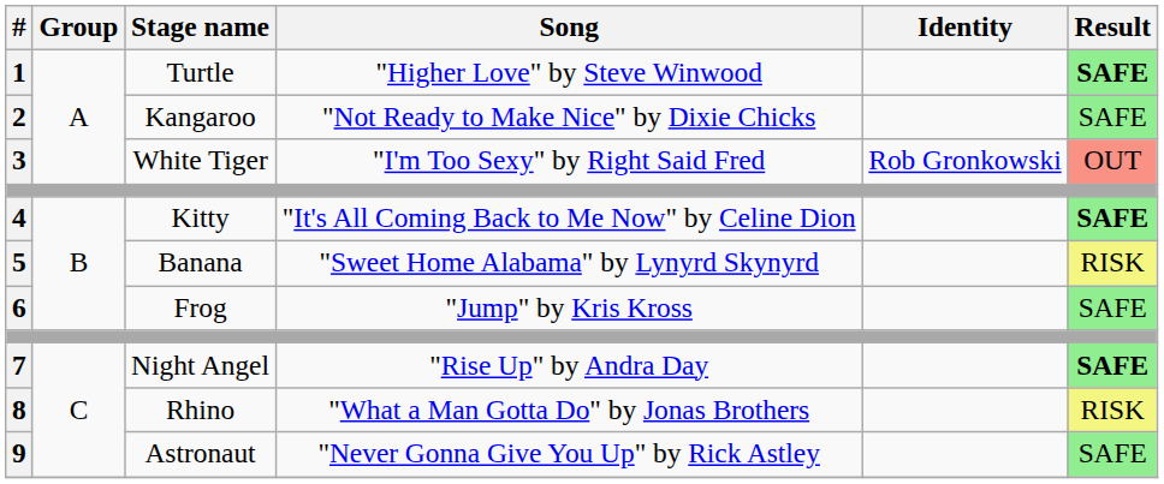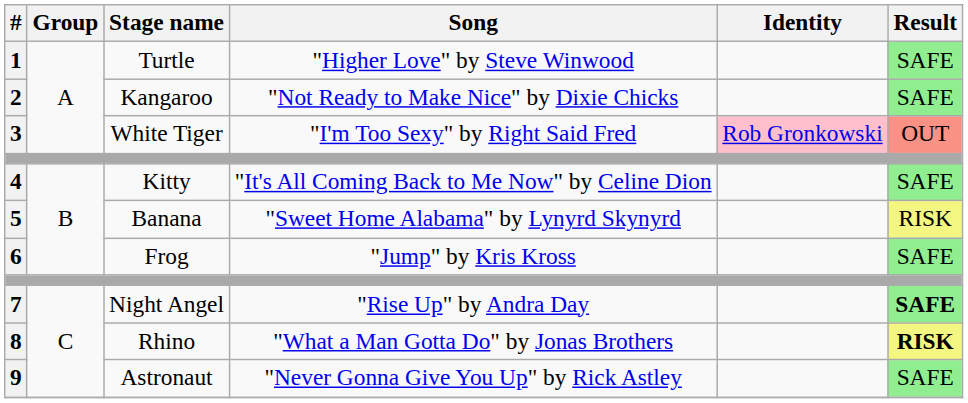 <table class="wikitable plainrowheaders" style="text-align: center;">
 <tr>
 <th>#</th>
 <th>Group</th>
 <th>Stage name</th>
 <th>Song</th>
 <th>Identity</th>
 <th colspan=2>Result</th>
 </tr>
 <tr>
 <th>1</th>
 <td rowspan="3">A</td>
 <td>Turtle</td>
 <td>"<a href='#'>Higher Love</a>" by <a href='#'>Steve Winwood</a></td>
 <td></td>
-<td bgcolor="lightgreen"><strong>SAFE</strong></td>
+<td bgcolor="lightgreen">SAFE</td>
 </tr>
 <tr>
 <th>2</th>
 <td>Kangaroo</td>
 <td>"<a href='#'>Not Ready to Make Nice</a>" by <a href='#'>Dixie Chicks</a></td>
 <td></td>
 <td bgcolor="lightgreen">SAFE</td>
 </tr>
 <tr>
 <th>3</th>
 <td>White Tiger</td>
 <td>"<a href='#'>I'm Too Sexy</a>" by <a href='#'>Right Said Fred</a></td>
-<td><a href='#'>Rob Gronkowski</a></td>
+<td style="background: pink;"><a href='#'>Rob Gronkowski</a></td>
 <td bgcolor=#F99185>OUT</td>
 </tr>
 <tr>
 <td colspan="6" style="background:darkgray"></td>
 </tr>
 <tr>
 <th>4</th>
 <td rowspan="3">B</td>
 <td>Kitty</td>
 <td>"<a href='#'>It's All Coming Back to Me Now</a>" by <a href='#'>Celine Dion</a></td>
 <td></td>
-<td bgcolor="lightgreen"><strong>SAFE</strong></td>
+<td bgcolor="lightgreen">SAFE</td>
 </tr>
 <tr>
 <th>5</th>
 <td>Banana</td>
 <td>"<a href='#'>Sweet Home Alabama</a>" by <a href='#'>Lynyrd Skynyrd</a></td>
 <td></td>
 <td bgcolor=#F3F781>RISK</td>
 </tr>
 <tr>
 <th>6</th>
 <td>Frog</td>
 <td>"<a href='#'>Jump</a>" by <a href='#'>Kris Kross</a></td>
 <td></td>
 <td bgcolor="lightgreen">SAFE</td>
 </tr>
 <tr>
 <td colspan="6" style="background:darkgray"></td>
 </tr>
 <tr>
 <th>7</th>
 <td rowspan="3">C</td>
 <td>Night Angel</td>
 <td>"<a href='#'>Rise Up</a>" by <a href='#'>Andra Day</a></td>
 <td></td>
 <td bgcolor="lightgreen"><strong>SAFE</strong></td>
 </tr>
 <tr>
 <th>8</th>
 <td>Rhino</td>
 <td>"<a href='#'>What a Man Gotta Do</a>" by <a href='#'>Jonas Brothers</a></td>
 <td></td>
-<td bgcolor=#F3F781>RISK</td>
+<td bgcolor=#F3F781><strong>RISK</strong></td>
 </tr>
 <tr>
 <th>9</th>
 <td>Astronaut</td>
 <td>"<a href='#'>Never Gonna Give You Up</a>" by <a href='#'>Rick Astley</a></td>
 <td></td>
 <td bgcolor="lightgreen">SAFE</td>
 </tr>
 <tr>
 </tr>
 </table>
